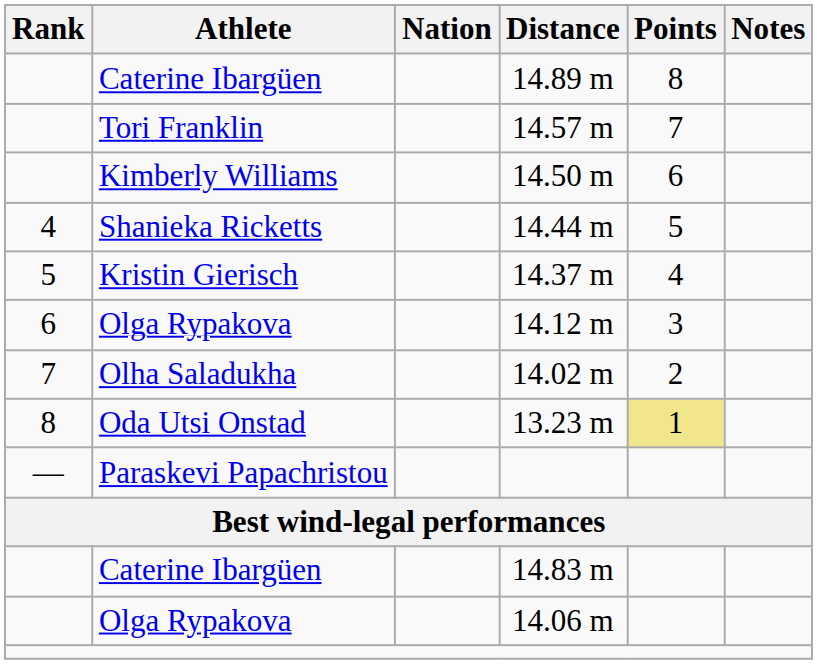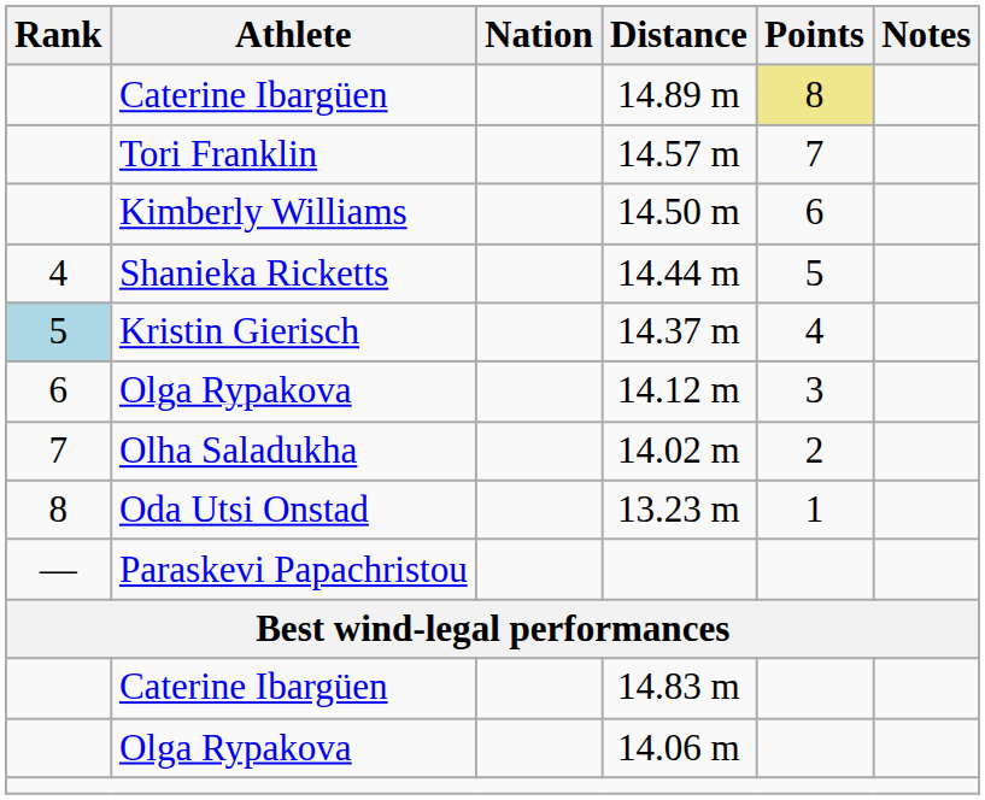 <table class="wikitable" style="text-align:center;">
 <tr>
 <th scope="col" style="width: 10px;">Rank</th>
 <th scope="col">Athlete</th>
 <th scope="col">Nation</th>
 <th scope="col">Distance</th>
 <th scope="col">Points</th>
 <th scope="col">Notes</th>
 </tr>
 <tr>
 <td></td>
 <td align=left><a href='#'>Caterine Ibargüen</a></td>
 <td align=left></td>
 <td>14.89 m </td>
-<td>8</td>
+<td style="background: khaki;">8</td>
 <td></td>
 </tr>
 <tr>
 <td></td>
 <td align=left><a href='#'>Tori Franklin</a></td>
 <td align=left></td>
 <td>14.57 m </td>
 <td>7</td>
 <td></td>
 </tr>
 <tr>
 <td></td>
 <td align=left><a href='#'>Kimberly Williams</a></td>
 <td align=left></td>
 <td>14.50 m </td>
 <td>6</td>
 <td></td>
 </tr>
 <tr>
 <td>4</td>
 <td align=left><a href='#'>Shanieka Ricketts</a></td>
 <td align=left></td>
 <td>14.44 m </td>
 <td>5</td>
 <td></td>
 </tr>
 <tr>
-<td>5</td>
+<td style="background: lightblue;">5</td>
 <td align=left><a href='#'>Kristin Gierisch</a></td>
 <td align=left></td>
 <td>14.37 m </td>
 <td>4</td>
 <td></td>
 </tr>
 <tr>
 <td>6</td>
 <td align=left><a href='#'>Olga Rypakova</a></td>
 <td align=left></td>
 <td>14.12 m </td>
 <td>3</td>
 <td></td>
 </tr>
 <tr>
 <td>7</td>
 <td align=left><a href='#'>Olha Saladukha</a></td>
 <td align=left></td>
 <td>14.02 m </td>
 <td>2</td>
 <td></td>
 </tr>
 <tr>
 <td>8</td>
 <td align=left><a href='#'>Oda Utsi Onstad</a></td>
 <td align=left></td>
 <td>13.23 m </td>
-<td style="background: khaki;">1</td>
+<td>1</td>
 <td></td>
 </tr>
 <tr>
 <td>—</td>
 <td align=left><a href='#'>Paraskevi Papachristou</a></td>
 <td align=left></td>
 <td></td>
 <td></td>
 <td></td>
 </tr>
 <tr>
 <th align=center colspan=6>Best wind-legal performances</th>
 </tr>
 <tr>
 <td></td>
 <td align=left><a href='#'>Caterine Ibargüen</a></td>
 <td align=left></td>
 <td>14.83 m </td>
 <td></td>
 <td></td>
 </tr>
 <tr>
 <td></td>
 <td align=left><a href='#'>Olga Rypakova</a></td>
 <td align=left></td>
 <td>14.06 m </td>
 <td></td>
 <td></td>
 </tr>
 <tr class="sortbottom">
 <td colspan="6"></td>
 </tr>
 </table>
